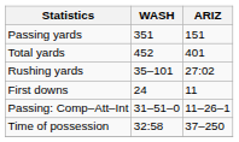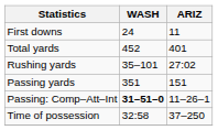 <table class="wikitable" style="float: left;">
 <tr>
 <th>Statistics</th>
 <th>WASH</th>
 <th>ARIZ</th>
 </tr>
 <tr>
-<td>Passing yards</td>
-<td>351</td>
-<td>151</td>
+<td>First downs</td>
+<td>24</td>
+<td>11</td>
 </tr>
 <tr>
 <td>Total yards</td>
 <td>452</td>
 <td>401</td>
 </tr>
 <tr>
 <td>Rushing yards</td>
 <td>35–101</td>
 <td>27:02</td>
 </tr>
 <tr>
-<td>First downs</td>
-<td>24</td>
-<td>11</td>
+<td>Passing yards</td>
+<td>351</td>
+<td>151</td>
 </tr>
 <tr>
 <td>Passing: Comp–Att–Int</td>
-<td>31–51–0</td>
+<td><strong>31–51–0</strong></td>
 <td>11–26–1</td>
 </tr>
 <tr>
 <td>Time of possession</td>
 <td>32:58</td>
 <td>37–250</td>
 </tr>
 <tr>
 </tr>
 </table>
